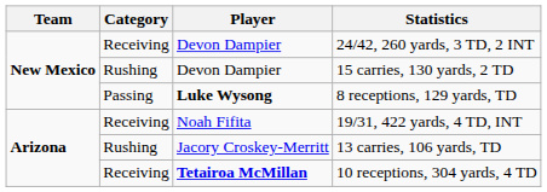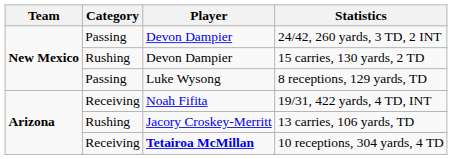 <table class="wikitable" style="float: right;">
 <tr>
 <th>Team</th>
 <th>Category</th>
 <th>Player</th>
 <th>Statistics</th>
 </tr>
 <tr>
 <td rowspan=3><strong>New Mexico</strong></td>
-<td>Receiving</td>
+<td>Passing</td>
 <td><a href='#'>Devon Dampier</a></td>
 <td>24/42, 260 yards, 3 TD, 2 INT</td>
 </tr>
 <tr>
 <td>Rushing</td>
 <td>Devon Dampier</td>
 <td>15 carries, 130 yards, 2 TD</td>
 </tr>
 <tr>
 <td>Passing</td>
-<td><strong>Luke Wysong</strong></td>
+<td>Luke Wysong</td>
 <td>8 receptions, 129 yards, TD</td>
 </tr>
 <tr>
 <td rowspan=3><strong>Arizona</strong></td>
 <td>Receiving</td>
 <td><a href='#'>Noah Fifita</a></td>
 <td>19/31, 422 yards, 4 TD, INT</td>
 </tr>
 <tr>
 <td>Rushing</td>
 <td><a href='#'>Jacory Croskey-Merritt</a></td>
 <td>13 carries, 106 yards, TD</td>
 </tr>
 <tr>
 <td>Receiving</td>
 <td><strong><a href='#'>Tetairoa McMillan</a></strong></td>
 <td>10 receptions, 304 yards, 4 TD</td>
 </tr>
 </table>
